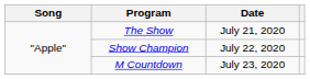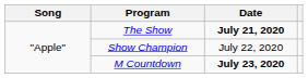 <table class="wikitable" style="text-align:center">
 <tr>
 <th width="120">Song</th>
 <th width="160">Program</th>
 <th width="130">Date</th>
 <th></th>
 </tr>
 <tr>
 <td rowspan="3">"Apple"</td>
 <td><em><a href='#'>The Show</a></em></td>
-<td>July 21, 2020</td>
+<td><strong>July 21, 2020</strong></td>
 <td></td>
 </tr>
 <tr>
 <td><em><a href='#'>Show Champion</a></em></td>
 <td>July 22, 2020</td>
 <td></td>
 </tr>
 <tr>
 <td><em><a href='#'>M Countdown</a></em></td>
-<td>July 23, 2020</td>
+<td><strong>July 23, 2020</strong></td>
 <td></td>
 </tr>
 </table>
